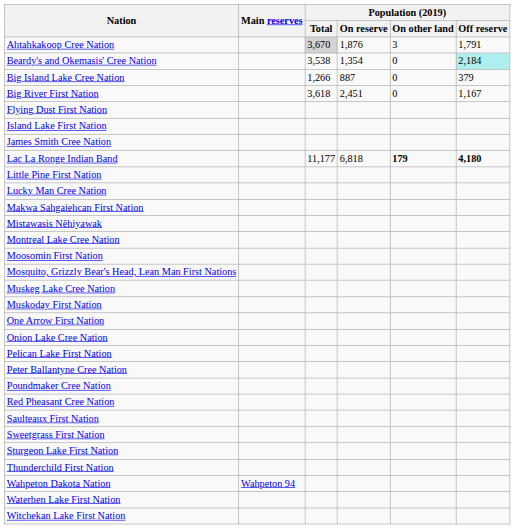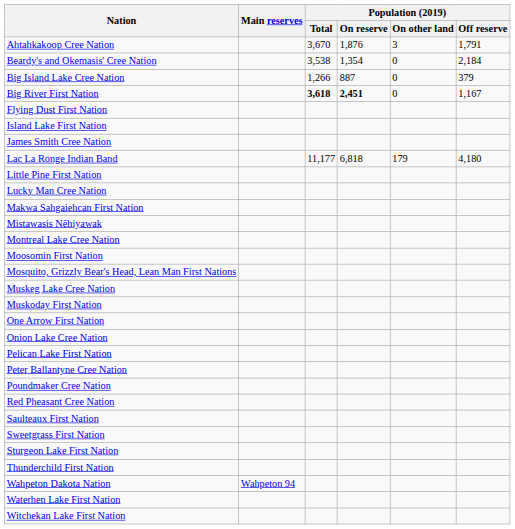 <table class="wikitable sortable">
 <tr>
 <th colspan="2" rowspan="2">Nation</th>
 <th rowspan="2" class=unsortable>Main <a href='#'>reserves</a></th>
 <th colspan="4">Population (2019)</th>
 </tr>
 <tr>
 <th>Total</th>
 <th>On reserve</th>
 <th>On other land</th>
 <th>Off reserve</th>
 </tr>
 <tr>
 <td colspan="2"><a href='#'>Ahtahkakoop Cree Nation</a></td>
 <td></td>
-<td style="background: lightgrey;">3,670</td>
+<td>3,670</td>
 <td>1,876</td>
 <td>3</td>
 <td>1,791</td>
 </tr>
 <tr>
 <td colspan="2"><a href='#'>Beardy's and Okemasis' Cree Nation</a></td>
 <td></td>
 <td>3,538</td>
 <td>1,354</td>
 <td>0</td>
-<td style="background: paleturquoise;">2,184</td>
+<td>2,184</td>
 </tr>
 <tr>
 <td colspan="2"><a href='#'>Big Island Lake Cree Nation</a></td>
 <td></td>
 <td>1,266</td>
 <td>887</td>
 <td>0</td>
 <td>379</td>
 </tr>
 <tr>
 <td colspan="2"><a href='#'>Big River First Nation</a></td>
 <td></td>
-<td>3,618</td>
-<td>2,451</td>
+<td><strong>3,618</strong></td>
+<td><strong>2,451</strong></td>
 <td>0</td>
 <td>1,167</td>
 </tr>
 <tr>
 <td colspan="2"><a href='#'>Flying Dust First Nation</a></td>
 <td></td>
 <td></td>
 <td></td>
 <td></td>
 <td></td>
 </tr>
 <tr>
 <td colspan="2"><a href='#'>Island Lake First Nation</a></td>
 <td></td>
 <td></td>
 <td></td>
 <td></td>
 <td></td>
 </tr>
 <tr>
 <td colspan="2"><a href='#'>James Smith Cree Nation</a></td>
 <td></td>
 <td></td>
 <td></td>
 <td></td>
 <td></td>
 </tr>
 <tr>
 <td colspan="2"><a href='#'>Lac La Ronge Indian Band</a></td>
 <td></td>
 <td>11,177</td>
 <td>6,818</td>
-<td><strong>179</strong></td>
-<td><strong>4,180</strong></td>
+<td>179</td>
+<td>4,180</td>
 </tr>
 <tr>
 <td colspan="2"><a href='#'>Little Pine First Nation</a></td>
 <td></td>
 <td></td>
 <td></td>
 <td></td>
 <td></td>
 </tr>
 <tr>
 <td colspan="2"><a href='#'>Lucky Man Cree Nation</a></td>
 <td></td>
 <td></td>
 <td></td>
 <td></td>
 <td></td>
 </tr>
 <tr>
 <td colspan="2"><a href='#'>Makwa Sahgaiehcan First Nation</a></td>
 <td></td>
 <td></td>
 <td></td>
 <td></td>
 <td></td>
 </tr>
 <tr>
 <td colspan="2"><a href='#'>Mistawasis Nêhiyawak</a></td>
 <td></td>
 <td></td>
 <td></td>
 <td></td>
 <td></td>
 </tr>
 <tr>
 <td colspan="2"><a href='#'>Montreal Lake Cree Nation</a></td>
 <td></td>
 <td></td>
 <td></td>
 <td></td>
 <td></td>
 </tr>
 <tr>
 <td colspan="2"><a href='#'>Moosomin First Nation</a></td>
 <td></td>
 <td></td>
 <td></td>
 <td></td>
 <td></td>
 </tr>
 <tr>
 <td colspan="2"><a href='#'>Mosquito, Grizzly Bear's Head, Lean Man First Nations</a></td>
 <td></td>
 <td></td>
 <td></td>
 <td></td>
 <td></td>
 </tr>
 <tr>
 <td colspan="2"><a href='#'>Muskeg Lake Cree Nation</a></td>
 <td></td>
 <td></td>
 <td></td>
 <td></td>
 <td></td>
 </tr>
 <tr>
 <td colspan="2"><a href='#'>Muskoday First Nation</a></td>
 <td></td>
 <td></td>
 <td></td>
 <td></td>
 <td></td>
 </tr>
 <tr>
 <td colspan="2"><a href='#'>One Arrow First Nation</a></td>
 <td></td>
 <td></td>
 <td></td>
 <td></td>
 <td></td>
 </tr>
 <tr>
 <td colspan="2"><a href='#'>Onion Lake Cree Nation</a></td>
 <td></td>
 <td></td>
 <td></td>
 <td></td>
 <td></td>
 </tr>
 <tr>
 <td colspan="2"><a href='#'>Pelican Lake First Nation</a></td>
 <td></td>
 <td></td>
 <td></td>
 <td></td>
 <td></td>
 </tr>
 <tr>
 <td colspan="2"><a href='#'>Peter Ballantyne Cree Nation</a></td>
 <td></td>
 <td></td>
 <td></td>
 <td></td>
 <td></td>
 </tr>
 <tr>
 <td colspan="2"><a href='#'>Poundmaker Cree Nation</a></td>
 <td></td>
 <td></td>
 <td></td>
 <td></td>
 <td></td>
 </tr>
 <tr>
 <td colspan="2"><a href='#'>Red Pheasant Cree Nation</a></td>
 <td></td>
 <td></td>
 <td></td>
 <td></td>
 <td></td>
 </tr>
 <tr>
 <td colspan="2"><a href='#'>Saulteaux First Nation</a></td>
 <td></td>
 <td></td>
 <td></td>
 <td></td>
 <td></td>
 </tr>
 <tr>
 <td colspan="2"><a href='#'>Sweetgrass First Nation</a></td>
 <td></td>
 <td></td>
 <td></td>
 <td></td>
 <td></td>
 </tr>
 <tr>
 <td colspan="2"><a href='#'>Sturgeon Lake First Nation</a></td>
 <td></td>
 <td></td>
 <td></td>
 <td></td>
 <td></td>
 </tr>
 <tr>
 <td colspan="2"><a href='#'>Thunderchild First Nation</a></td>
 <td></td>
 <td></td>
 <td></td>
 <td></td>
 <td></td>
 </tr>
 <tr>
 <td colspan="2"><a href='#'>Wahpeton Dakota Nation</a></td>
 <td><a href='#'>Wahpeton 94</a></td>
 <td></td>
 <td></td>
 <td></td>
 <td></td>
 </tr>
 <tr>
 <td colspan="2"><a href='#'>Waterhen Lake First Nation</a></td>
 <td></td>
 <td></td>
 <td></td>
 <td></td>
 <td></td>
 </tr>
 <tr>
 <td colspan="2"><a href='#'>Witchekan Lake First Nation</a></td>
 <td></td>
 <td></td>
 <td></td>
 <td></td>
 <td></td>
 </tr>
 </table>
